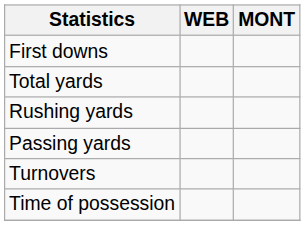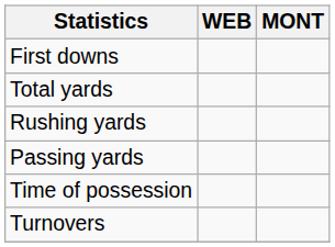 <table class="wikitable" style="float: left;">
 <tr>
 <th>Statistics</th>
 <th>WEB</th>
 <th>MONT</th>
 </tr>
 <tr>
 <td>First downs</td>
 <td></td>
 <td></td>
 </tr>
 <tr>
 <td>Total yards</td>
 <td></td>
 <td></td>
 </tr>
 <tr>
 <td>Rushing yards</td>
 <td></td>
 <td></td>
 </tr>
 <tr>
 <td>Passing yards</td>
 <td></td>
 <td></td>
 </tr>
 <tr>
-<td>Turnovers</td>
+<td>Time of possession</td>
 <td></td>
 <td></td>
 </tr>
 <tr>
-<td>Time of possession</td>
+<td>Turnovers</td>
 <td></td>
 <td></td>
 </tr>
 <tr>
 </tr>
 </table>
